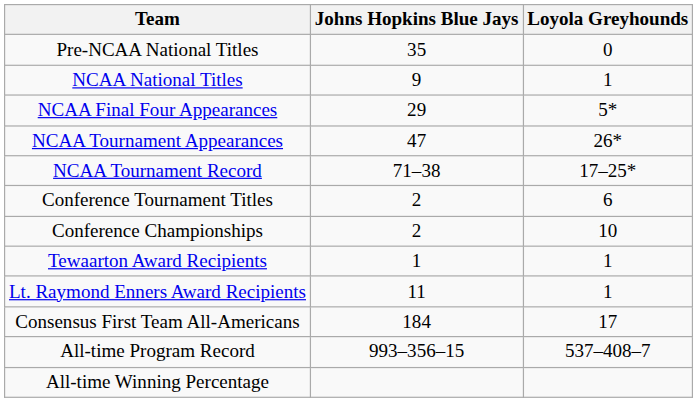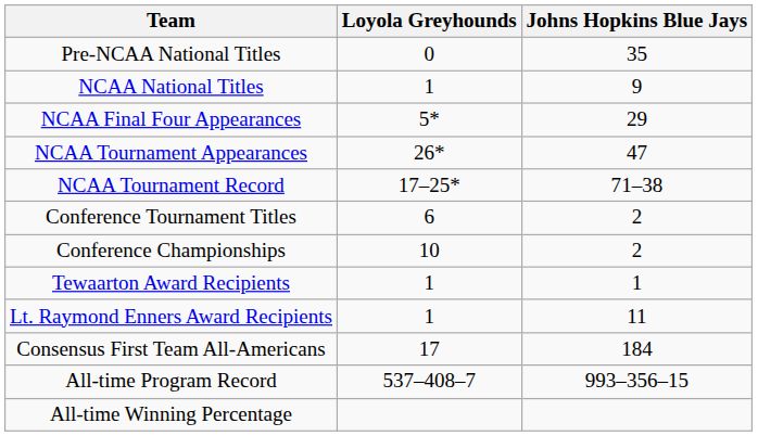 <table class="wikitable" style="text-align:center;">
 <tr>
 <th>Team</th>
+<th>Loyola Greyhounds</th>
 <th>Johns Hopkins Blue Jays</th>
-<th>Loyola Greyhounds</th>
 </tr>
 <tr>
 <td>Pre-NCAA National Titles</td>
+<td>0</td>
 <td style=>35</td>
-<td>0</td>
 </tr>
 <tr>
 <td><a href='#'>NCAA National Titles</a></td>
+<td>1</td>
 <td style=>9</td>
-<td>1</td>
 </tr>
 <tr>
 <td><a href='#'>NCAA Final Four Appearances</a></td>
+<td>5*</td>
 <td>29</td>
-<td>5*</td>
 </tr>
 <tr>
 <td><a href='#'>NCAA Tournament Appearances</a></td>
+<td>26*</td>
 <td>47</td>
-<td>26*</td>
 </tr>
 <tr>
 <td><a href='#'>NCAA Tournament Record</a></td>
+<td>17–25*</td>
 <td>71–38</td>
-<td>17–25*</td>
 </tr>
 <tr>
 <td>Conference Tournament Titles</td>
+<td>6</td>
 <td>2</td>
-<td>6</td>
 </tr>
 <tr>
 <td>Conference Championships</td>
+<td>10</td>
 <td>2</td>
-<td>10</td>
 </tr>
 <tr>
 <td><a href='#'>Tewaarton Award Recipients</a></td>
 <td>1</td>
 <td>1</td>
 </tr>
 <tr>
 <td><a href='#'>Lt. Raymond Enners Award Recipients</a></td>
+<td>1</td>
 <td>11</td>
-<td>1</td>
 </tr>
 <tr>
 <td>Consensus First Team All-Americans</td>
+<td>17</td>
 <td>184</td>
-<td>17</td>
 </tr>
 <tr>
 <td>All-time Program Record</td>
+<td>537–408–7</td>
 <td>993–356–15</td>
-<td>537–408–7</td>
 </tr>
 <tr>
 <td>All-time Winning Percentage</td>
 <td></td>
 <td></td>
 </tr>
 </table>
